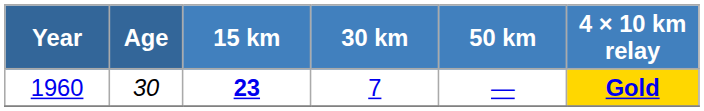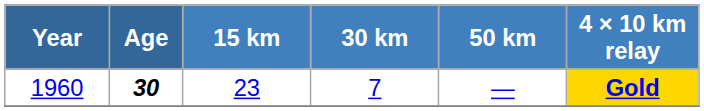 <table class="wikitable" style="font-size:95%; text-align:center; border:grey solid 1px; border-collapse:collapse; background:#ffffff;">
 <tr>
 <th style="background-color:#369; color:white; width:60px;"> Year </th>
 <th style="background-color:#369; color:white; width:40px;"> Age </th>
 <th style="background-color:#4180be; color:white; width:75px;"> 15 km </th>
 <th style="background-color:#4180be; color:white; width:75px;"> 30 km </th>
 <th style="background-color:#4180be; color:white; width:75px;"> 50 km </th>
 <th style="background-color:#4180be; color:white; width:75px;"> 4 × 10 km <br> relay </th>
 </tr>
 <tr>
 <td><a href='#'>1960</a></td>
-<td><em>30</em></td>
-<td><strong><a href='#'>23</a></strong></td>
+<td><strong><em>30</em></strong></td>
+<td><a href='#'>23</a></td>
 <td><a href='#'>7</a></td>
 <td><a href='#'>—</a></td>
 <td style="background:gold;"><a href='#'><strong>Gold</strong></a></td>
 </tr>
 <tr>
 </tr>
 </table>
